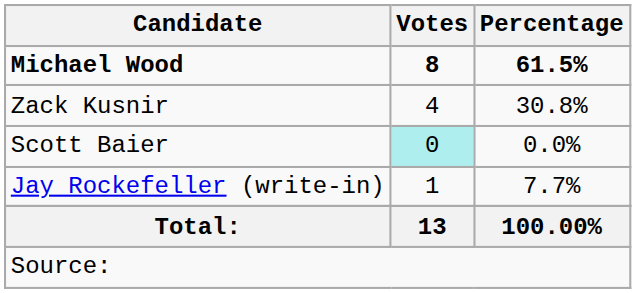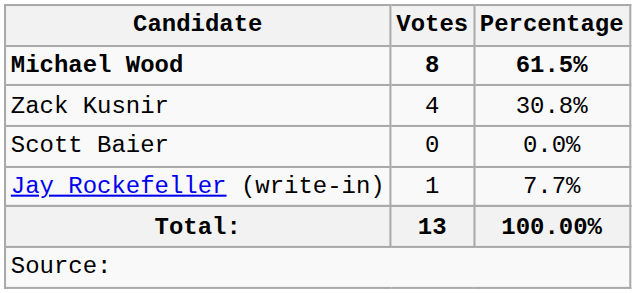 <table class="wikitable sortable tpl-blanktable" style="font-size:90%;text-align:center;">
 <tr>
 <th rowspan="2">Candidate</th>
 <th rowspan="2">Votes</th>
 <th rowspan="2">Percentage</th>
 </tr>
 <tr>
 </tr>
 <tr>
 <td style="text-align:left;"><strong>Michael Wood</strong></td>
 <td><strong>8</strong></td>
 <td><strong>61.5%</strong></td>
 </tr>
 <tr>
 <td style="text-align:left;">Zack Kusnir</td>
 <td>4</td>
 <td>30.8%</td>
 </tr>
 <tr>
 <td style="text-align:left;">Scott Baier</td>
-<td style="background: paleturquoise;">0</td>
+<td>0</td>
 <td>0.0%</td>
 </tr>
 <tr>
 <td style="text-align:left;"><a href='#'>Jay Rockefeller</a> (write-in)</td>
 <td>1</td>
 <td>7.7%</td>
 </tr>
 <tr>
 </tr>
 <tr style="background:#eee;">
 <th>Total:</th>
 <th>13</th>
 <th>100.00%</th>
 </tr>
 <tr>
 <td colspan="5" style="text-align:left;">Source:</td>
 </tr>
 </table>
